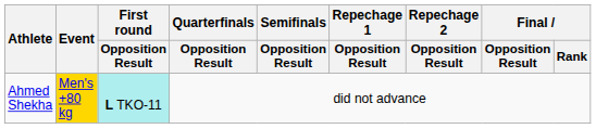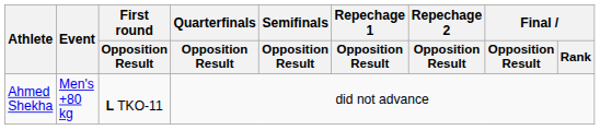 <table class="wikitable" style="font-size:90%;">
 <tr>
 <th rowspan=2>Athlete</th>
 <th rowspan=2>Event</th>
 <th>First round</th>
 <th>Quarterfinals</th>
 <th>Semifinals</th>
 <th>Repechage 1</th>
 <th>Repechage 2</th>
 <th colspan=2>Final / </th>
 </tr>
 <tr style="font-size:95%">
 <th>Opposition<br>Result</th>
 <th>Opposition<br>Result</th>
 <th>Opposition<br>Result</th>
 <th>Opposition<br>Result</th>
 <th>Opposition<br>Result</th>
 <th>Opposition<br>Result</th>
 <th>Rank</th>
 </tr>
 <tr align=center>
 <td align=left><a href='#'>Ahmed Shekha</a></td>
-<td align=left style="background: gold;"><a href='#'>Men's +80 kg</a></td>
-<td style="background: paleturquoise;"><br><strong>L</strong> TKO-11</td>
+<td align=left><a href='#'>Men's +80 kg</a></td>
+<td><br><strong>L</strong> TKO-11</td>
 <td colspan=6>did not advance</td>
 </tr>
 </table>
